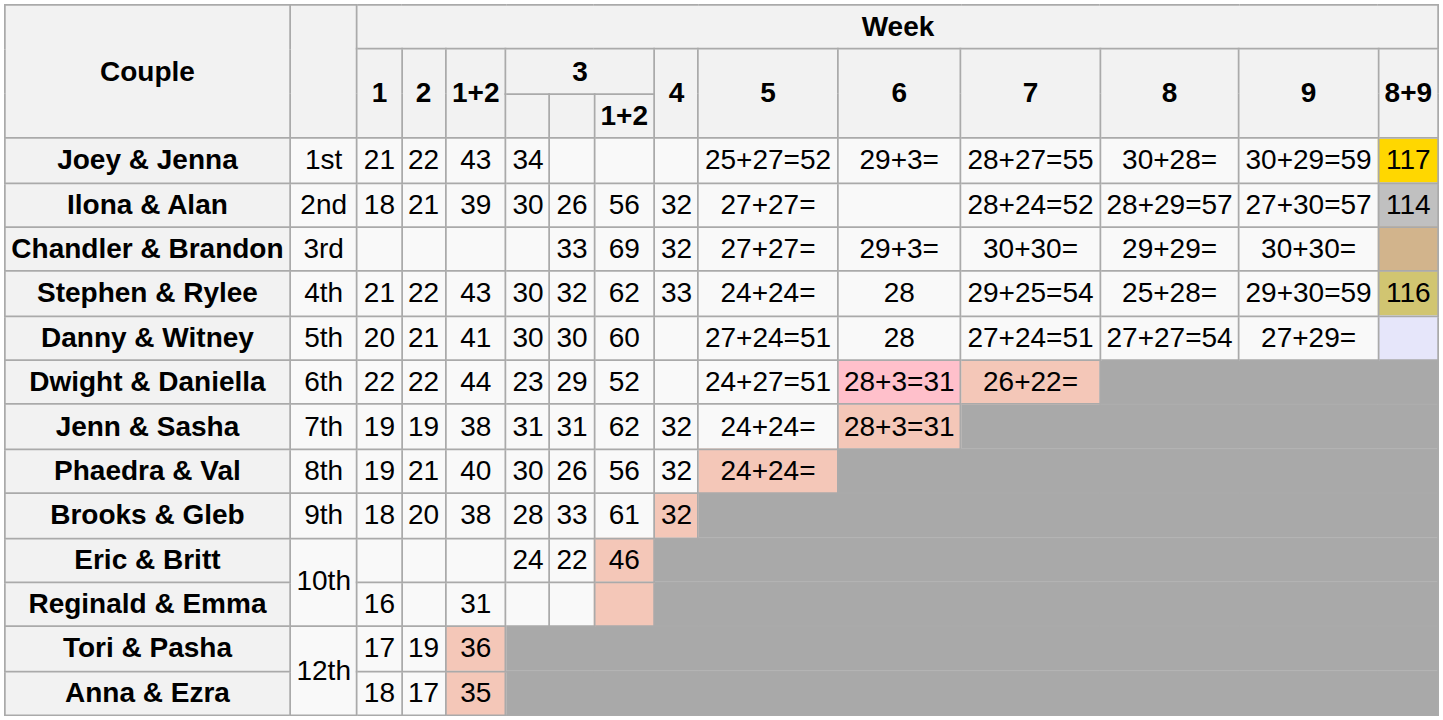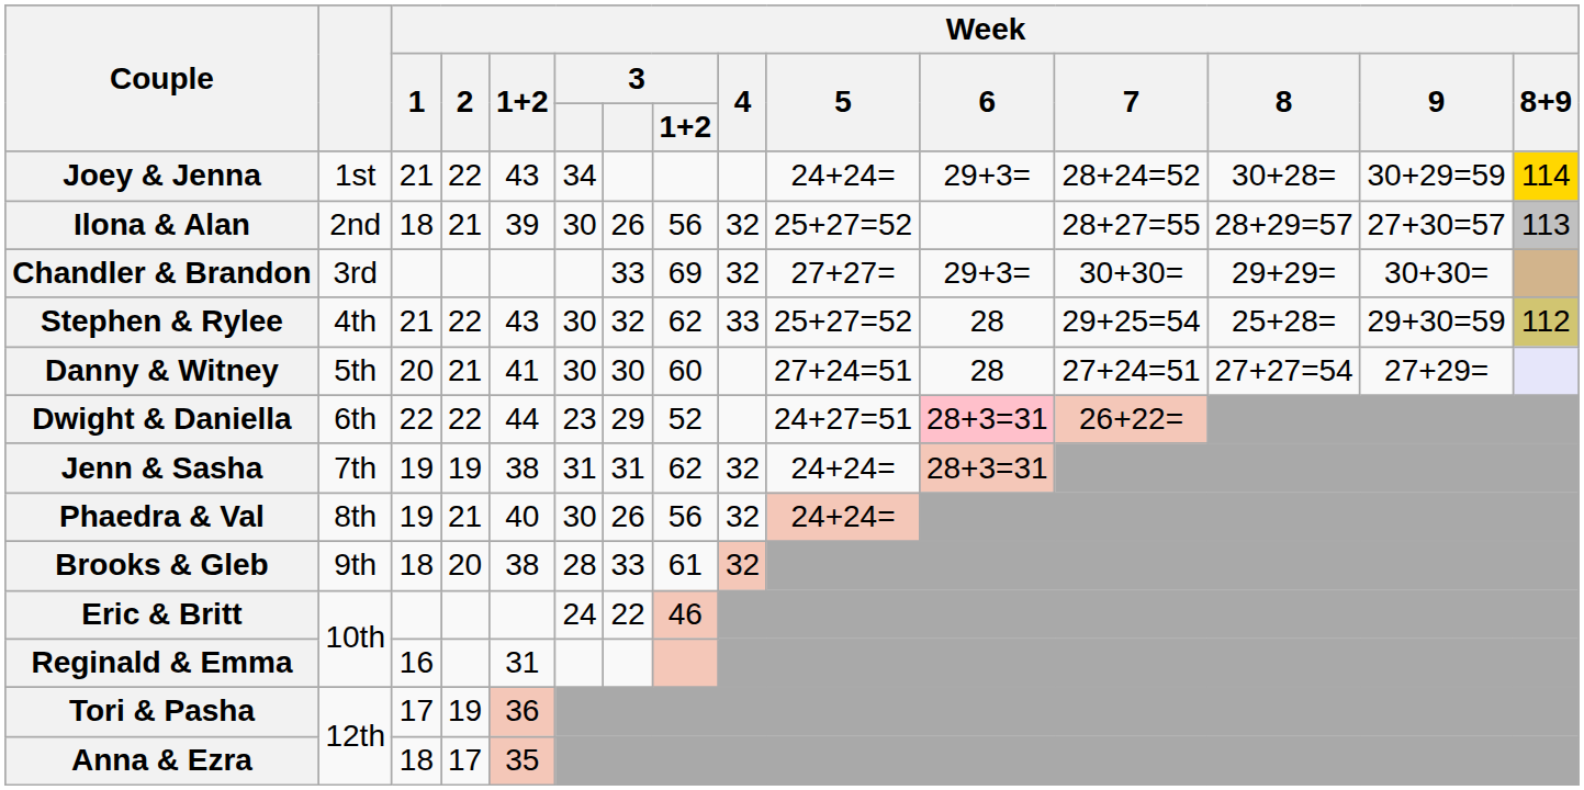 <table class="wikitable sortable" style="text-align:center">
 <tr>
 <th rowspan="3" scope="col">Couple</th>
 <th rowspan="3" scope="col"></th>
 <th colspan="13" scope="col">Week</th>
 </tr>
 <tr>
 <th rowspan="2" scope="col">1</th>
 <th rowspan="2" scope="col">2</th>
 <th rowspan="2" scope="col">1+2</th>
 <th colspan="3" scope="col">3</th>
 <th rowspan="2" scope="col">4</th>
 <th rowspan="2" scope="col">5</th>
 <th rowspan="2" scope="col">6</th>
 <th rowspan="2" scope="col">7</th>
 <th rowspan="2" scope="col">8</th>
 <th rowspan="2" scope="col">9</th>
 <th rowspan="2" scope="col">8+9</th>
 </tr>
 <tr>
 <th></th>
 <th></th>
 <th>1+2</th>
 </tr>
 <tr>
 <th scope="row">Joey & Jenna</th>
 <td>1st</td>
 <td>21</td>
 <td>22</td>
 <td>43</td>
 <td>34</td>
 <td></td>
 <td></td>
 <td></td>
-<td>25+27=52</td>
+<td>24+24=</td>
 <td>29+3=</td>
-<td>28+27=55</td>
+<td>28+24=52</td>
 <td>30+28=</td>
 <td>30+29=59</td>
-<td bgcolor="gold">117</td>
+<td bgcolor="gold">114</td>
 </tr>
 <tr>
 <th scope="row">Ilona & Alan</th>
 <td>2nd</td>
 <td>18</td>
 <td>21</td>
 <td>39</td>
 <td>30</td>
 <td>26</td>
 <td>56</td>
 <td>32</td>
-<td>27+27=</td>
+<td>25+27=52</td>
 <td></td>
-<td>28+24=52</td>
+<td>28+27=55</td>
 <td>28+29=57</td>
 <td>27+30=57</td>
-<td bgcolor="silver">114</td>
+<td bgcolor="silver">113</td>
 </tr>
 <tr>
 <th scope="row">Chandler & Brandon</th>
 <td>3rd</td>
 <td></td>
 <td></td>
 <td></td>
 <td></td>
 <td>33</td>
 <td>69</td>
 <td>32</td>
 <td>27+27=</td>
 <td>29+3=</td>
 <td>30+30=</td>
 <td>29+29=</td>
 <td>30+30=</td>
 <td bgcolor="tan"></td>
 </tr>
 <tr>
 <th scope="row">Stephen & Rylee</th>
 <td>4th</td>
 <td>21</td>
 <td>22</td>
 <td>43</td>
 <td>30</td>
 <td>32</td>
 <td>62</td>
 <td>33</td>
-<td>24+24=</td>
+<td>25+27=52</td>
 <td>28</td>
 <td>29+25=54</td>
 <td>25+28=</td>
 <td>29+30=59</td>
-<td bgcolor="d1c571">116</td>
+<td bgcolor="d1c571">112</td>
 </tr>
 <tr |->
 <th scope="row">Danny & Witney</th>
 <td>5th</td>
 <td>20</td>
 <td>21</td>
 <td>41</td>
 <td>30</td>
 <td>30</td>
 <td>60</td>
 <td></td>
 <td>27+24=51</td>
 <td>28</td>
 <td>27+24=51</td>
 <td>27+27=54</td>
 <td>27+29=</td>
 <td bgcolor="E6E6FA"></td>
 </tr>
 <tr>
 <th scope="row">Dwight & Daniella</th>
 <td>6th</td>
 <td>22</td>
 <td>22</td>
 <td>44</td>
 <td>23</td>
 <td>29</td>
 <td>52</td>
 <td></td>
 <td>24+27=51</td>
 <td style="background: pink;">28+3=31</td>
 <td bgcolor="f4c7b8">26+22=</td>
 <td colspan="3" bgcolor="darkgrey"></td>
 </tr>
 <tr>
 <th scope="row">Jenn & Sasha</th>
 <td>7th</td>
 <td>19</td>
 <td>19</td>
 <td>38</td>
 <td>31</td>
 <td>31</td>
 <td>62</td>
 <td>32</td>
 <td>24+24=</td>
 <td bgcolor="f4c7b8">28+3=31</td>
 <td colspan="4" bgcolor="darkgrey"></td>
 </tr>
 <tr>
 <th scope="row">Phaedra & Val</th>
 <td>8th</td>
 <td>19</td>
 <td>21</td>
 <td>40</td>
 <td>30</td>
 <td>26</td>
 <td>56</td>
 <td>32</td>
 <td bgcolor="f4c7b8">24+24=</td>
 <td colspan="5" bgcolor="darkgrey"></td>
 </tr>
 <tr>
 <th scope="row">Brooks & Gleb</th>
 <td>9th</td>
 <td>18</td>
 <td>20</td>
 <td>38</td>
 <td>28</td>
 <td>33</td>
 <td>61</td>
 <td bgcolor="f4c7b8">32</td>
 <td colspan="6" bgcolor="darkgrey"></td>
 </tr>
 <tr>
 <th scope="row">Eric & Britt</th>
 <td rowspan="2">10th</td>
 <td></td>
 <td></td>
 <td></td>
 <td>24</td>
 <td>22</td>
 <td bgcolor="f4c7b8">46</td>
 <td colspan="7" bgcolor="darkgrey"></td>
 </tr>
 <tr>
 <th scope="row">Reginald & Emma</th>
 <td>16</td>
 <td></td>
 <td>31</td>
 <td></td>
 <td></td>
 <td bgcolor="f4c7b8"></td>
 <td colspan="7" bgcolor="darkgrey"></td>
 </tr>
 <tr>
 <th scope="row">Tori & Pasha</th>
 <td rowspan="2">12th</td>
 <td>17</td>
 <td>19</td>
 <td bgcolor="f4c7b8">36</td>
 <td colspan="10" bgcolor="darkgrey"></td>
 </tr>
 <tr>
 <th scope="row">Anna & Ezra</th>
 <td>18</td>
 <td>17</td>
 <td bgcolor="f4c7b8">35</td>
 <td colspan="10" bgcolor="darkgrey"></td>
 </tr>
 </table>
